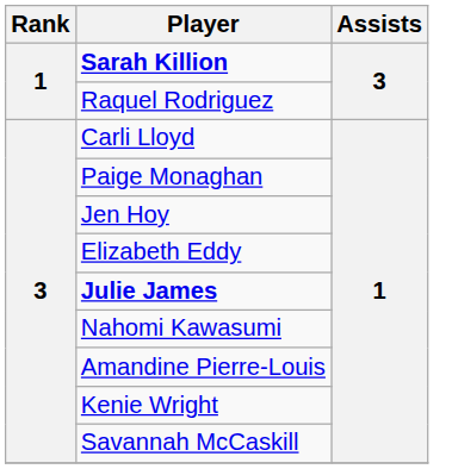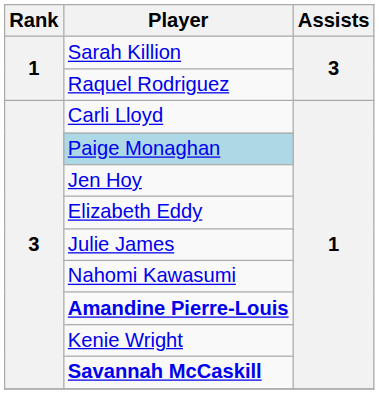 <table class="wikitable" style="text-align: left;">
 <tr>
 <th>Rank</th>
 <th>Player</th>
 <th>Assists</th>
 </tr>
 <tr>
 <th rowspan=2>1</th>
-<td><strong> <a href='#'>Sarah Killion</a></strong></td>
+<td> <a href='#'>Sarah Killion</a></td>
 <th rowspan=2>3</th>
 </tr>
 <tr>
 <td> <a href='#'>Raquel Rodriguez</a></td>
 </tr>
 <tr>
 <th rowspan=9>3</th>
 <td> <a href='#'>Carli Lloyd</a></td>
 <th rowspan=9>1</th>
 </tr>
 <tr>
-<td> <a href='#'>Paige Monaghan</a></td>
+<td style="background: lightblue;"> <a href='#'>Paige Monaghan</a></td>
 </tr>
 <tr>
 <td> <a href='#'>Jen Hoy</a></td>
 </tr>
 <tr>
 <td> <a href='#'>Elizabeth Eddy</a></td>
 </tr>
 <tr>
-<td><strong> <a href='#'>Julie James</a></strong></td>
+<td> <a href='#'>Julie James</a></td>
 </tr>
 <tr>
 <td> <a href='#'>Nahomi Kawasumi</a></td>
 </tr>
 <tr>
-<td> <a href='#'>Amandine Pierre-Louis</a></td>
+<td><strong> <a href='#'>Amandine Pierre-Louis</a></strong></td>
 </tr>
 <tr>
 <td> <a href='#'>Kenie Wright</a></td>
 </tr>
 <tr>
-<td> <a href='#'>Savannah McCaskill</a></td>
+<td><strong> <a href='#'>Savannah McCaskill</a></strong></td>
 </tr>
 <tr>
 </tr>
 </table>
